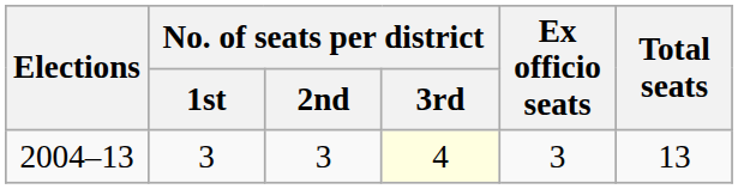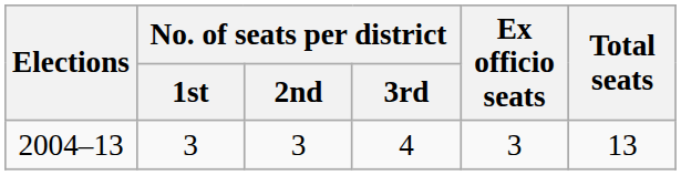 <table class=wikitable style="text-align:center">
 <tr>
 <th rowspan=2>Elections</th>
 <th colspan=3>No. of seats per district</th>
 <th width=50px rowspan=2>Ex officio seats</th>
 <th width=50px rowspan=2>Total seats</th>
 </tr>
 <tr>
 <th width=50px>1st</th>
 <th width=50px>2nd</th>
 <th width=50px>3rd</th>
 </tr>
 <tr>
 <td>2004–13</td>
 <td>3</td>
 <td>3</td>
-<td style="background: lightyellow;">4</td>
+<td>4</td>
 <td>3</td>
 <td>13</td>
 </tr>
 </table>
